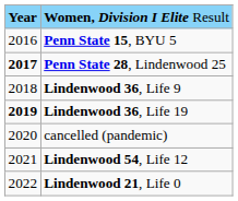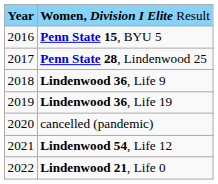 <table class="wikitable" style="font-size:85%;">
 <tr ! style="background-color: #87D3F8;">
 <td><strong>Year</strong></td>
 <td><strong>Women, <em>Division I Elite</em> </strong> Result</td>
 </tr>
 <tr --->
 <td>2016</td>
 <td><strong><a href='#'>Penn State</a> 15</strong>, BYU 5</td>
 </tr>
 <tr --->
-<td><strong>2017</strong></td>
+<td>2017</td>
 <td><strong><a href='#'>Penn State</a> 28</strong>, Lindenwood 25</td>
 </tr>
 <tr --->
 <td>2018</td>
 <td><strong>Lindenwood 36</strong>, Life 9</td>
 </tr>
 <tr --->
-<td><strong>2019</strong></td>
+<td>2019</td>
 <td><strong>Lindenwood 36</strong>, Life 19</td>
 </tr>
 <tr --->
 <td>2020</td>
 <td>cancelled (pandemic)</td>
 </tr>
 <tr --->
 <td>2021</td>
 <td><strong>Lindenwood 54</strong>, Life 12</td>
 </tr>
 <tr --->
 <td>2022</td>
 <td><strong>Lindenwood 21</strong>, Life 0</td>
 </tr>
 </table>
